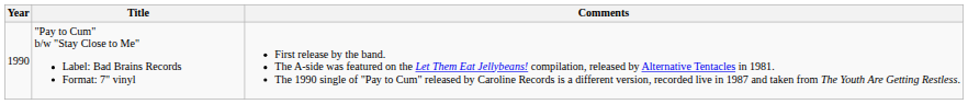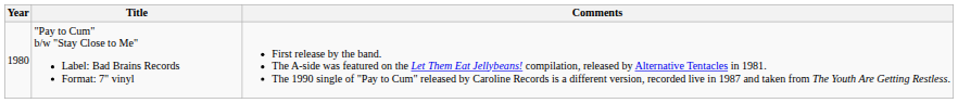 <table class="wikitable" style="text-align:left;">
 <tr>
 <th>Year</th>
 <th width="300">Title</th>
 <th>Comments</th>
 </tr>
 <tr>
-<td>1990</td>
+<td>1980</td>
 <td>"Pay to Cum"<br>b/w "Stay Close to Me"<br><ul><li>Label: Bad Brains Records</li><li>Format: 7" vinyl</li></ul></td>
 <td><br><ul><li>First release by the band.</li><li>The A-side was featured on the <em><a href='#'>Let Them Eat Jellybeans!</a></em> compilation, released by <a href='#'>Alternative Tentacles</a> in 1981.</li><li>The 1990 single of "Pay to Cum" released by Caroline Records is a different version, recorded live in 1987 and taken from <em>The Youth Are Getting Restless</em>.</li></ul></td>
 </tr>
 </table>
